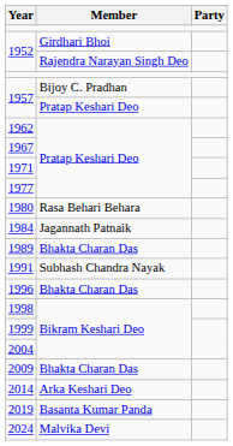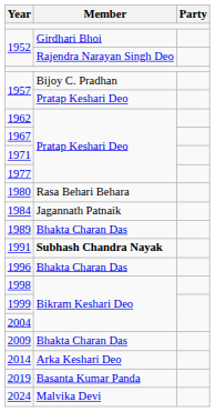 <table class="wikitable sortable">
 <tr>
 <th>Year</th>
 <th>Member</th>
 <th colspan="2">Party</th>
 </tr>
 <tr>
 <td colspan="4"></td>
 </tr>
 <tr>
 <td rowspan="2"><a href='#'>1952</a></td>
 <td><a href='#'>Girdhari Bhoi</a></td>
 <td></td>
 </tr>
 <tr>
 <td><a href='#'>Rajendra Narayan Singh Deo</a></td>
 </tr>
 <tr>
 <td colspan="4"></td>
 </tr>
 <tr>
 <td rowspan=2><a href='#'>1957</a></td>
 <td>Bijoy C. Pradhan</td>
 <td></td>
 </tr>
 <tr>
 <td><a href='#'>Pratap Keshari Deo</a></td>
 </tr>
 <tr>
 <td><a href='#'>1962</a></td>
 <td rowspan=4><a href='#'>Pratap Keshari Deo</a></td>
 <td></td>
 </tr>
 <tr>
 <td><a href='#'>1967</a></td>
 <td></td>
 </tr>
 <tr>
 <td><a href='#'>1971</a></td>
 </tr>
 <tr>
 <td><a href='#'>1977</a></td>
 <td></td>
 </tr>
 <tr>
 <td><a href='#'>1980</a></td>
 <td>Rasa Behari Behara</td>
 <td></td>
 </tr>
 <tr>
 <td><a href='#'>1984</a></td>
 <td>Jagannath Patnaik</td>
 </tr>
 <tr>
 <td><a href='#'>1989</a></td>
 <td><a href='#'>Bhakta Charan Das</a></td>
 <td></td>
 </tr>
 <tr>
 <td><a href='#'>1991</a></td>
-<td>Subhash Chandra Nayak</td>
+<td><strong>Subhash Chandra Nayak</strong></td>
 <td></td>
 </tr>
 <tr>
 <td><a href='#'>1996</a></td>
 <td><a href='#'>Bhakta Charan Das</a></td>
 <td></td>
 </tr>
 <tr>
 <td><a href='#'>1998</a></td>
 <td rowspan=3><a href='#'>Bikram Keshari Deo</a></td>
 <td></td>
 </tr>
 <tr>
 <td><a href='#'>1999</a></td>
 </tr>
 <tr>
 <td><a href='#'>2004</a></td>
 </tr>
 <tr>
 <td><a href='#'>2009</a></td>
 <td><a href='#'>Bhakta Charan Das</a></td>
 <td></td>
 </tr>
 <tr>
 <td><a href='#'>2014</a></td>
 <td><a href='#'>Arka Keshari Deo</a></td>
 <td></td>
 </tr>
 <tr>
 <td><a href='#'>2019</a></td>
 <td><a href='#'>Basanta Kumar Panda</a></td>
 <td></td>
 </tr>
 <tr>
 <td><a href='#'>2024</a></td>
 <td><a href='#'>Malvika Devi</a></td>
 </tr>
 </table>
